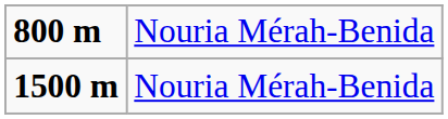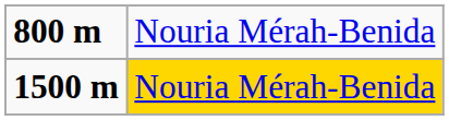 <table class="wikitable">
 <tr>
 <td><strong>800 m</strong></td>
 <td><a href='#'>Nouria Mérah-Benida</a></td>
 </tr>
 <tr>
 <td><strong>1500 m</strong></td>
-<td><a href='#'>Nouria Mérah-Benida</a></td>
+<td style="background: gold;"><a href='#'>Nouria Mérah-Benida</a></td>
 </tr>
 </table>
